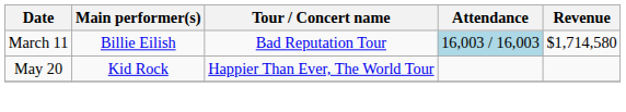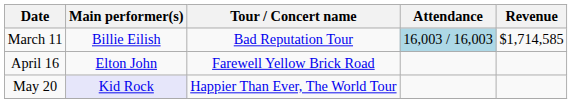 <table class="wikitable"  style="text-align:center; font-size:95%;">
 <tr>
 <th style="text-align:center;">Date</th>
 <th style="text-align:center;">Main performer(s)</th>
 <th style="text-align:center;">Tour / Concert name</th>
 <th style="text-align:center;">Attendance</th>
 <th style="text-align:center;">Revenue</th>
 </tr>
 <tr>
 <td>March 11</td>
 <td><a href='#'>Billie Eilish</a></td>
 <td><a href='#'>Bad Reputation Tour</a></td>
 <td style="background: lightblue;">16,003 / 16,003</td>
-<td>$1,714,580</td>
+<td>$1,714,585</td>
+</tr>
+<tr>
+<td>April 16</td>
+<td><a href='#'>Elton John</a></td>
+<td><a href='#'>Farewell Yellow Brick Road</a></td>
+<td></td>
+<td></td>
 </tr>
 <tr>
 <td>May 20</td>
-<td><a href='#'>Kid Rock</a></td>
+<td style="background: lavender;"><a href='#'>Kid Rock</a></td>
 <td><a href='#'>Happier Than Ever, The World Tour</a></td>
 <td></td>
 <td></td>
 </tr>
 <tr>
 </tr>
 </table>
